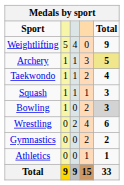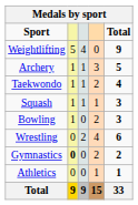 <table class=wikitable style="font-size:85%; float:right;text-align:center">
 <tr bgcolor=EFEFEF>
 <th colspan=7>Medals by sport</th>
 </tr>
 <tr>
 <td><strong>Sport</strong></td>
 <td bgcolor=F7F6A8></td>
 <td bgcolor=DCE5E5></td>
 <td bgcolor=FFDBA9></td>
 <td><strong>Total</strong></td>
 </tr>
 <tr>
 <td><a href='#'>Weightlifting</a></td>
 <td bgcolor=F7F6A8>5</td>
 <td bgcolor=DCE5E5>4</td>
 <td bgcolor=FFDAB9>0</td>
 <td><strong>9</strong></td>
 </tr>
 <tr>
 <td><a href='#'>Archery</a></td>
 <td bgcolor=F7F6A8>1</td>
 <td bgcolor=DCE5E5>1</td>
 <td bgcolor=FFDAB9>3</td>
-<td style="background: khaki;"><strong>5</strong></td>
+<td><strong>5</strong></td>
 </tr>
 <tr>
 <td><a href='#'>Taekwondo</a></td>
 <td bgcolor=F7F6A8>1</td>
 <td bgcolor=DCE5E5>1</td>
 <td bgcolor=FFDAB9>2</td>
 <td><strong>4</strong></td>
 </tr>
 <tr>
 <td><a href='#'>Squash</a></td>
 <td bgcolor=F7F6A8>1</td>
 <td bgcolor=DCE5E5>1</td>
 <td bgcolor=FFDAB9>1</td>
 <td><strong>3</strong></td>
 </tr>
 <tr>
 <td><a href='#'>Bowling</a></td>
 <td bgcolor=F7F6A8>1</td>
 <td bgcolor=DCE5E5>0</td>
 <td bgcolor=FFDAB9>2</td>
-<td style="background: lightgrey;"><strong>3</strong></td>
+<td><strong>3</strong></td>
 </tr>
 <tr>
 <td><a href='#'>Wrestling</a></td>
 <td bgcolor=F7F6A8>0</td>
 <td bgcolor=DCE5E5>2</td>
 <td bgcolor=FFDAB9>4</td>
 <td><strong>6</strong></td>
 </tr>
 <tr>
 <td><a href='#'>Gymnastics</a></td>
-<td bgcolor=F7F6A8>0</td>
+<td bgcolor=F7F6A8><strong>0</strong></td>
 <td bgcolor=DCE5E5>0</td>
 <td bgcolor=FFDAB9>2</td>
 <td><strong>2</strong></td>
 </tr>
 <tr>
 <td><a href='#'>Athletics</a></td>
 <td bgcolor=F7F6A8>0</td>
 <td bgcolor=DCE5E5>0</td>
 <td bgcolor=FFDAB9>1</td>
 <td><strong>1</strong></td>
 </tr>
 <tr>
 <th>Total</th>
 <th style=background:gold>9</th>
 <th style=background:silver>9</th>
 <th style=background:#C96>15</th>
 <th>33</th>
 </tr>
 </table>
